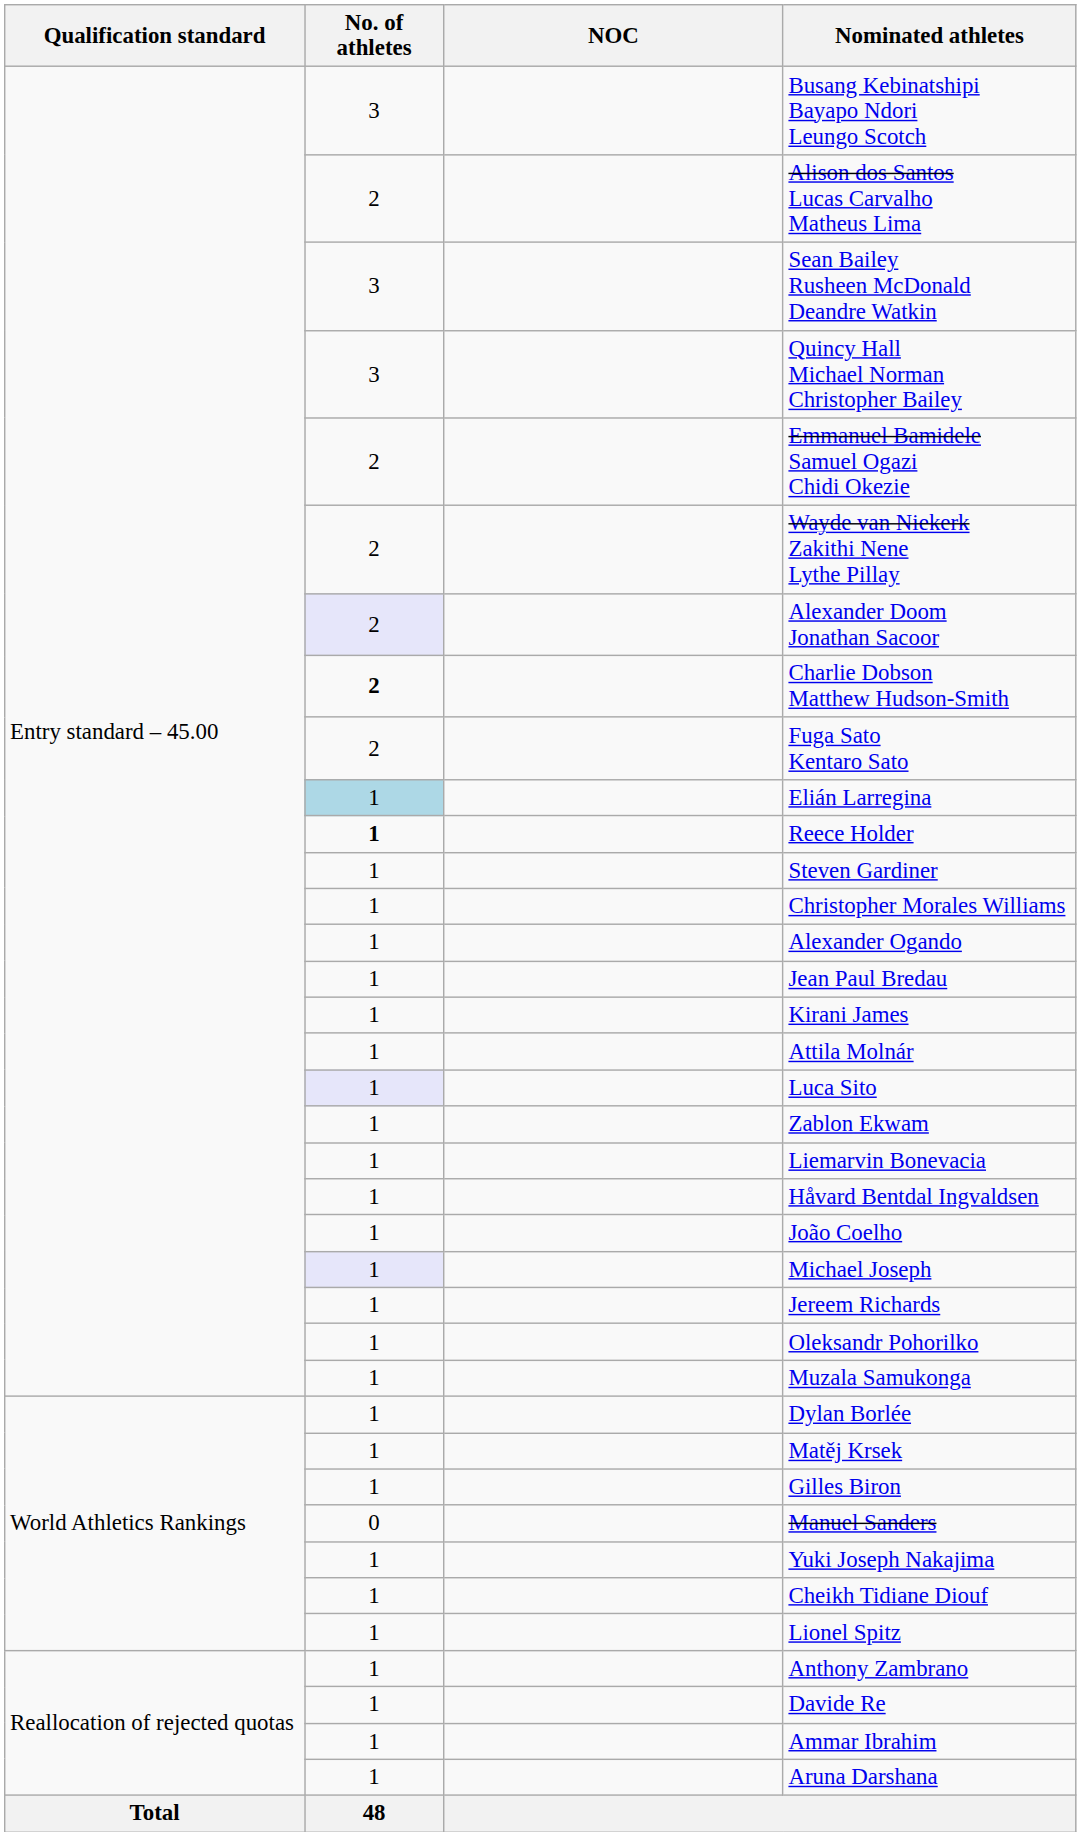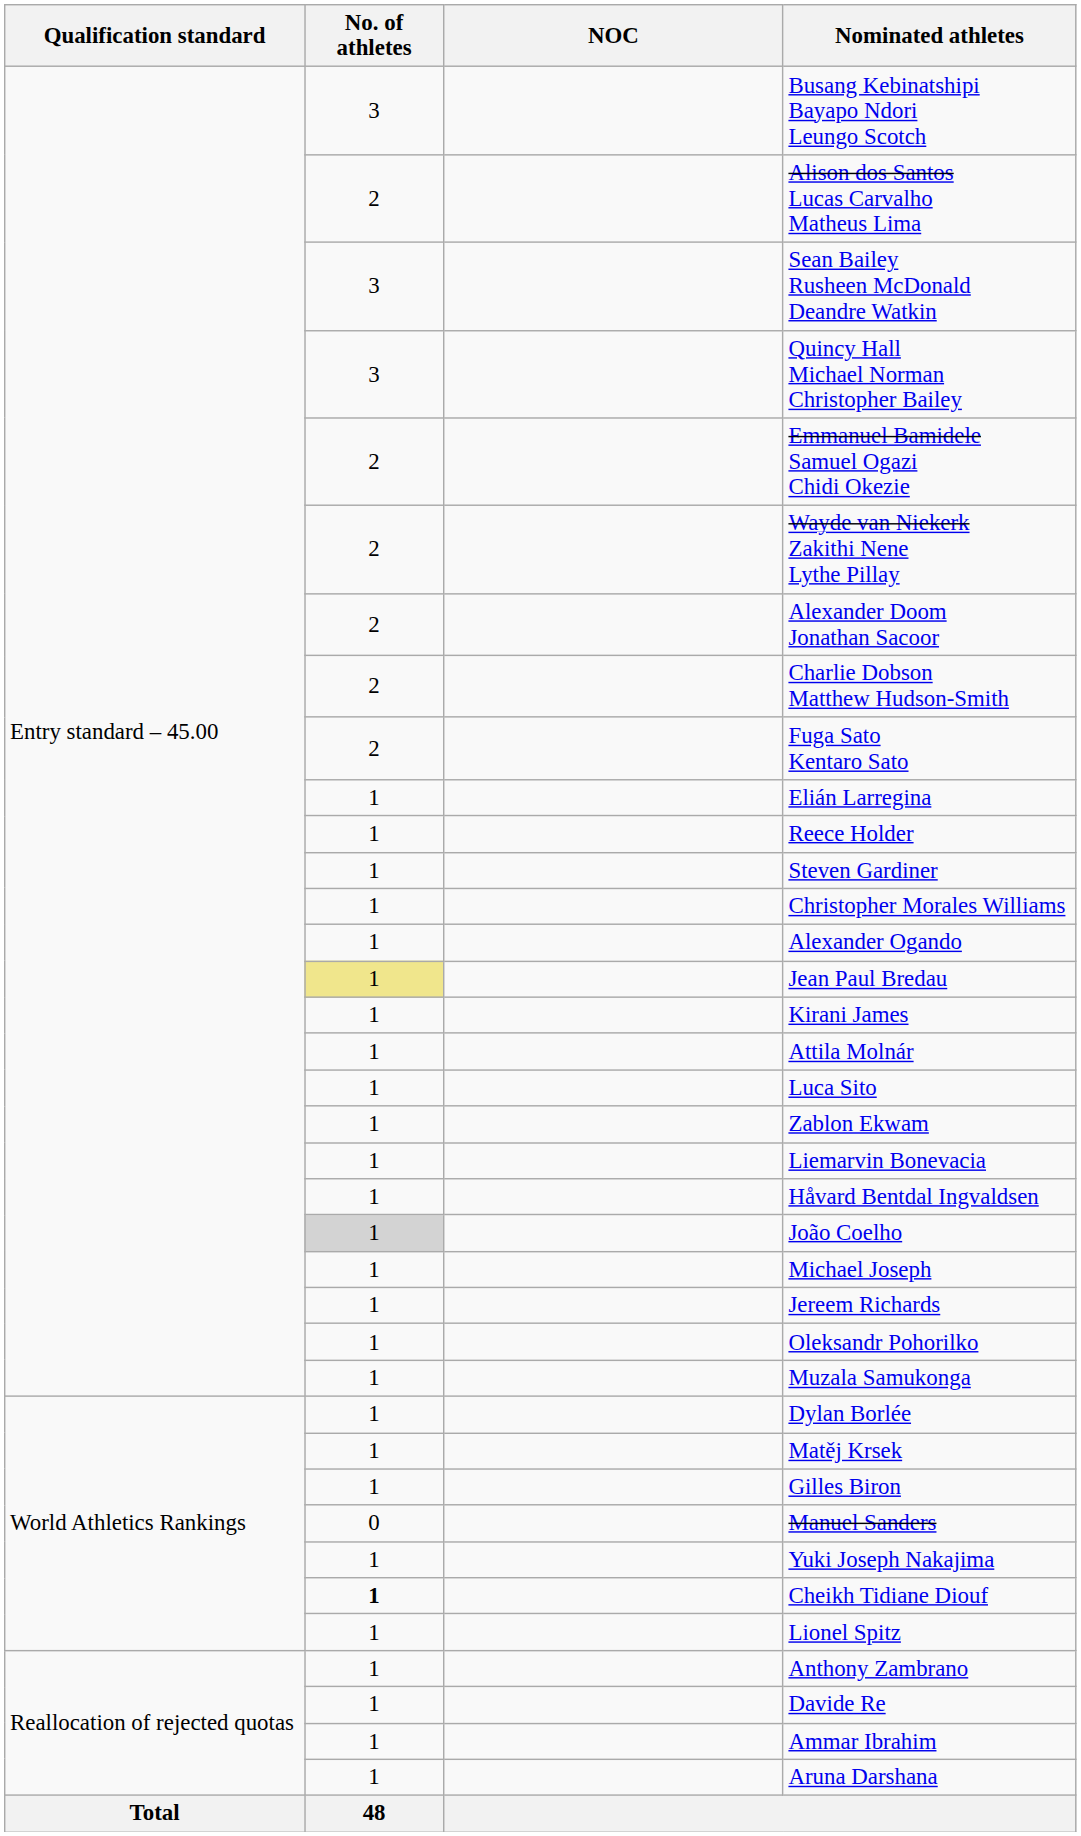 <table class="wikitable sortable" style="text-align:left; width:750px;">
 <tr>
 <th>Qualification standard</th>
 <th width=90>No. of athletes</th>
 <th width=230>NOC</th>
 <th>Nominated athletes</th>
 </tr>
 <tr>
 <td rowspan=26>Entry standard – 45.00</td>
 <td align=center>3</td>
 <td></td>
 <td><a href='#'>Busang Kebinatshipi</a><br><a href='#'>Bayapo Ndori</a><br><a href='#'>Leungo Scotch</a></td>
 </tr>
 <tr>
 <td align=center>2</td>
 <td></td>
 <td><s><a href='#'>Alison dos Santos</a></s><br><a href='#'>Lucas Carvalho</a><br><a href='#'>Matheus Lima</a></td>
 </tr>
 <tr>
 <td align=center>3</td>
 <td></td>
 <td><a href='#'>Sean Bailey</a><br><a href='#'>Rusheen McDonald</a><br><a href='#'>Deandre Watkin</a></td>
 </tr>
 <tr>
 <td align=center>3</td>
 <td></td>
 <td><a href='#'>Quincy Hall</a><br><a href='#'>Michael Norman</a><br><a href='#'>Christopher Bailey</a></td>
 </tr>
 <tr>
 <td align=center>2</td>
 <td></td>
 <td><s><a href='#'>Emmanuel Bamidele</a></s><br><a href='#'>Samuel Ogazi</a><br><a href='#'>Chidi Okezie</a></td>
 </tr>
 <tr>
 <td align=center>2</td>
 <td></td>
 <td><s><a href='#'>Wayde van Niekerk</a></s><br><a href='#'>Zakithi Nene</a><br><a href='#'>Lythe Pillay</a></td>
 </tr>
 <tr>
-<td align=center style="background: lavender;">2</td>
+<td align=center>2</td>
 <td></td>
 <td><a href='#'>Alexander Doom</a><br><a href='#'>Jonathan Sacoor</a></td>
 </tr>
 <tr>
-<td align="center"><strong>2</strong></td>
+<td align="center">2</td>
 <td></td>
 <td><a href='#'>Charlie Dobson</a><br><a href='#'>Matthew Hudson-Smith</a></td>
 </tr>
 <tr>
 <td align=center>2</td>
 <td></td>
 <td><a href='#'>Fuga Sato</a><br><a href='#'>Kentaro Sato</a></td>
 </tr>
 <tr>
-<td align=center style="background: lightblue;">1</td>
+<td align=center>1</td>
 <td></td>
 <td><a href='#'>Elián Larregina</a></td>
 </tr>
 <tr>
-<td align=center><strong>1</strong></td>
+<td align=center>1</td>
 <td></td>
 <td><a href='#'>Reece Holder</a></td>
 </tr>
 <tr>
 <td align=center>1</td>
 <td></td>
 <td><a href='#'>Steven Gardiner</a></td>
 </tr>
 <tr>
 <td align=center>1</td>
 <td></td>
 <td><a href='#'>Christopher Morales Williams</a></td>
 </tr>
 <tr>
 <td align=center>1</td>
 <td></td>
 <td><a href='#'>Alexander Ogando</a></td>
 </tr>
 <tr>
-<td align=center>1</td>
+<td align=center style="background: khaki;">1</td>
 <td></td>
 <td><a href='#'>Jean Paul Bredau</a></td>
 </tr>
 <tr>
 <td align=center>1</td>
 <td></td>
 <td><a href='#'>Kirani James</a></td>
 </tr>
 <tr>
 <td align=center>1</td>
 <td></td>
 <td><a href='#'>Attila Molnár</a></td>
 </tr>
 <tr>
-<td align=center style="background: lavender;">1</td>
+<td align=center>1</td>
 <td></td>
 <td><a href='#'>Luca Sito</a></td>
 </tr>
 <tr>
 <td align=center>1</td>
 <td></td>
 <td><a href='#'>Zablon Ekwam</a></td>
 </tr>
 <tr>
 <td align=center>1</td>
 <td></td>
 <td><a href='#'>Liemarvin Bonevacia</a></td>
 </tr>
 <tr>
 <td align=center>1</td>
 <td></td>
 <td><a href='#'>Håvard Bentdal Ingvaldsen</a></td>
 </tr>
 <tr>
-<td align=center>1</td>
+<td align=center style="background: lightgrey;">1</td>
 <td></td>
 <td><a href='#'>João Coelho</a></td>
 </tr>
 <tr>
-<td align=center style="background: lavender;">1</td>
+<td align=center>1</td>
 <td></td>
 <td><a href='#'>Michael Joseph</a></td>
 </tr>
 <tr>
 <td align=center>1</td>
 <td></td>
 <td><a href='#'>Jereem Richards</a></td>
 </tr>
 <tr>
 <td align=center>1</td>
 <td></td>
 <td><a href='#'>Oleksandr Pohorilko</a></td>
 </tr>
 <tr>
 <td align=center>1</td>
 <td></td>
 <td><a href='#'>Muzala Samukonga</a></td>
 </tr>
 <tr>
 <td rowspan =7>World Athletics Rankings</td>
 <td align=center>1</td>
 <td></td>
 <td><a href='#'>Dylan Borlée</a></td>
 </tr>
 <tr>
 <td align=center>1</td>
 <td></td>
 <td><a href='#'>Matěj Krsek</a></td>
 </tr>
 <tr>
 <td align=center>1</td>
 <td></td>
 <td><a href='#'>Gilles Biron</a></td>
 </tr>
 <tr>
 <td align=center>0</td>
 <td><s></s></td>
 <td><s><a href='#'>Manuel Sanders</a></s></td>
 </tr>
 <tr>
 <td align=center>1</td>
 <td></td>
 <td><a href='#'>Yuki Joseph Nakajima</a></td>
 </tr>
 <tr>
-<td align=center>1</td>
+<td align=center><strong>1</strong></td>
 <td></td>
 <td><a href='#'>Cheikh Tidiane Diouf</a></td>
 </tr>
 <tr>
 <td align=center>1</td>
 <td></td>
 <td><a href='#'>Lionel Spitz</a></td>
 </tr>
 <tr>
 <td rowspan =4>Reallocation of rejected quotas</td>
 <td align=center>1</td>
 <td></td>
 <td><a href='#'>Anthony Zambrano</a></td>
 </tr>
 <tr>
 <td align=center>1</td>
 <td></td>
 <td><a href='#'>Davide Re</a></td>
 </tr>
 <tr>
 <td align=center>1</td>
 <td></td>
 <td><a href='#'>Ammar Ibrahim</a></td>
 </tr>
 <tr>
 <td align=center>1</td>
 <td></td>
 <td><a href='#'>Aruna Darshana</a></td>
 </tr>
 <tr>
 <th>Total</th>
 <th>48</th>
 <th colspan=2></th>
 </tr>
 </table>
